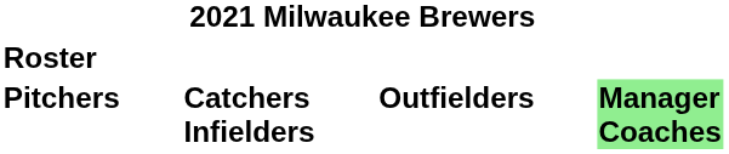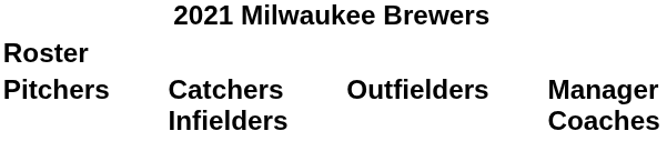 <table class="toccolours" style="font-size: 95%;">
 <tr>
 <th colspan="10">2021 Milwaukee Brewers</th>
 </tr>
 <tr>
 <td colspan="10"><strong>Roster</strong></td>
 </tr>
 <tr>
 <td valign="top"><strong>Pitchers</strong><br>                                  </td>
 <td width="25px"></td>
 <td valign="top"><strong>Catchers</strong><br>     <strong>Infielders</strong>             </td>
 <td width="25px"></td>
 <td valign="top"><strong>Outfielders</strong><br>       </td>
 <td width="25px"></td>
-<td valign="top" style="background: lightgreen;"><strong>Manager</strong><br> <strong>Coaches</strong>                    </td>
+<td valign="top"><strong>Manager</strong><br> <strong>Coaches</strong>                    </td>
 </tr>
 <tr>
 </tr>
 </table>
